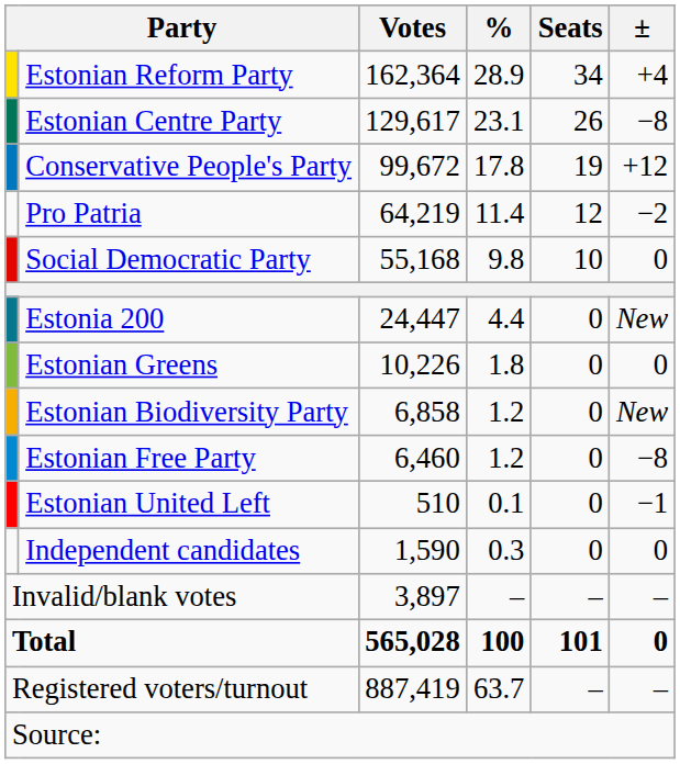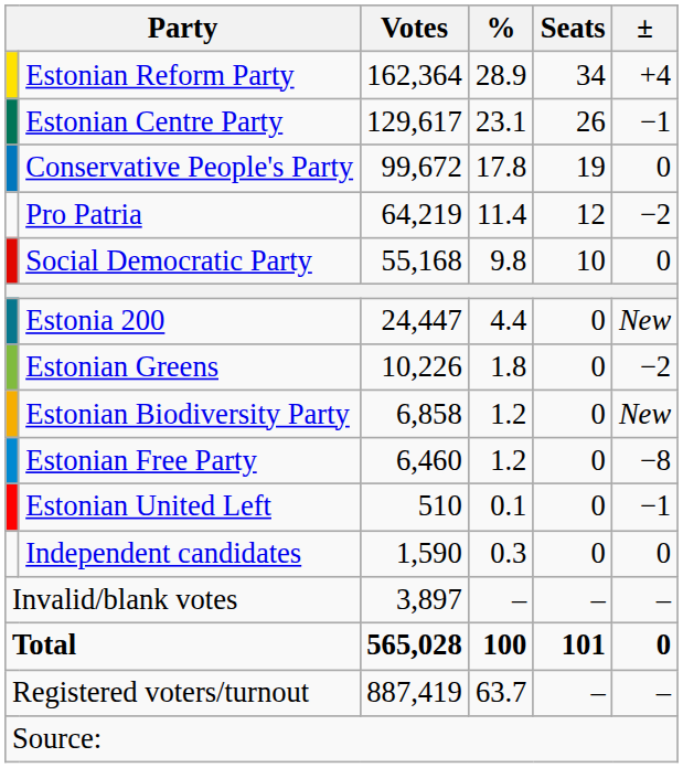 <table class=wikitable style=text-align:right>
 <tr>
 <th colspan=2>Party</th>
 <th>Votes</th>
 <th>%</th>
 <th>Seats</th>
 <th>±</th>
 </tr>
 <tr>
 <td style="background:#FFE200"></td>
 <td align=left><a href='#'>Estonian Reform Party</a></td>
 <td>162,364</td>
 <td>28.9</td>
 <td>34</td>
 <td>+4</td>
 </tr>
 <tr>
 <td style="background:#007557"></td>
 <td align=left><a href='#'>Estonian Centre Party</a></td>
 <td>129,617</td>
 <td>23.1</td>
 <td>26</td>
-<td>−8</td>
+<td>−1</td>
 </tr>
 <tr>
 <td style="background:#0077BD"></td>
 <td align=left><a href='#'>Conservative People's Party</a></td>
 <td>99,672</td>
 <td>17.8</td>
 <td>19</td>
-<td>+12</td>
+<td>0</td>
 </tr>
 <tr>
 <td style="background:"></td>
 <td align=left><a href='#'>Pro Patria</a></td>
 <td>64,219</td>
 <td>11.4</td>
 <td>12</td>
 <td>−2</td>
 </tr>
 <tr>
 <td style="background:#E10600"></td>
 <td align=left><a href='#'>Social Democratic Party</a></td>
 <td>55,168</td>
 <td>9.8</td>
 <td>10</td>
 <td>0</td>
 </tr>
 <tr>
 <th colspan=6></th>
 </tr>
 <tr>
 <td style="background:#06778d"></td>
 <td align=left><a href='#'>Estonia 200</a></td>
 <td>24,447</td>
 <td>4.4</td>
 <td>0</td>
 <td><em>New</em></td>
 </tr>
 <tr>
 <td style="background:#80bb3d"></td>
 <td align=left><a href='#'>Estonian Greens</a></td>
 <td>10,226</td>
 <td>1.8</td>
 <td>0</td>
-<td>0</td>
+<td>−2</td>
 </tr>
 <tr>
 <td style="background:#F6AE00"></td>
 <td align=left><a href='#'>Estonian Biodiversity Party</a></td>
 <td>6,858</td>
 <td>1.2</td>
 <td>0</td>
 <td><em>New</em></td>
 </tr>
 <tr>
 <td style="background:#0089d1"></td>
 <td align=left><a href='#'>Estonian Free Party</a></td>
 <td>6,460</td>
 <td>1.2</td>
 <td>0</td>
 <td>−8</td>
 </tr>
 <tr>
 <td style="background:#ff0000"></td>
 <td align=left><a href='#'>Estonian United Left</a></td>
 <td>510</td>
 <td>0.1</td>
 <td>0</td>
 <td>−1</td>
 </tr>
 <tr>
 <td style="background:"></td>
 <td align=left><a href='#'>Independent candidates</a></td>
 <td>1,590</td>
 <td>0.3</td>
 <td>0</td>
 <td>0</td>
 </tr>
 <tr>
 <td align=left colspan=2>Invalid/blank votes</td>
 <td>3,897</td>
 <td>–</td>
 <td>–</td>
 <td>–</td>
 </tr>
 <tr>
 <td align=left colspan=2><strong>Total</strong></td>
 <td><strong>565,028</strong></td>
 <td><strong>100</strong></td>
 <td><strong>101</strong></td>
 <td><strong>0</strong></td>
 </tr>
 <tr>
 <td align=left colspan=2>Registered voters/turnout</td>
 <td>887,419</td>
 <td>63.7</td>
 <td>–</td>
 <td>–</td>
 </tr>
 <tr>
 <td align=left colspan=6>Source: </td>
 </tr>
 </table>
